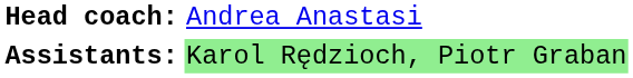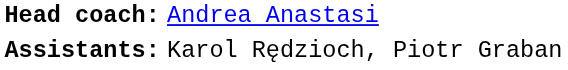 <table>
 <tr>
 <td><strong>Head coach:</strong></td>
 <td> <a href='#'>Andrea Anastasi</a></td>
 </tr>
 <tr>
 <td><strong>Assistants:</strong></td>
-<td style="background: lightgreen;"> Karol Rędzioch,  Piotr Graban</td>
+<td> Karol Rędzioch,  Piotr Graban</td>
 </tr>
 </table>
